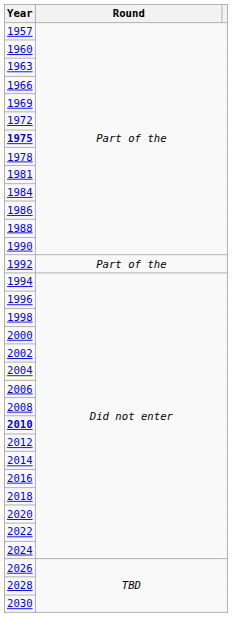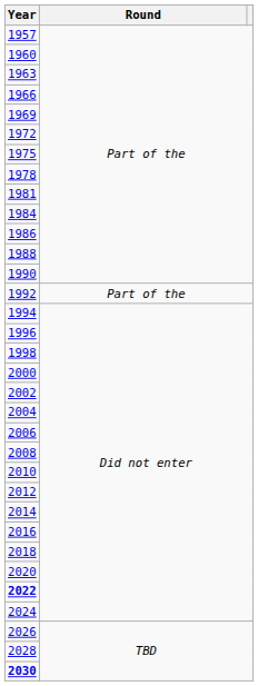 <table class="wikitable" style="text-align: center; font-size:90%">
 <tr>
 <th>Year</th>
 <th style="width:200px">Round</th>
 <th></th>
 </tr>
 <tr>
 <td><a href='#'>1957</a></td>
 <td colspan="2" rowspan="13"><em>Part of the </em></td>
 </tr>
 <tr>
 <td><a href='#'>1960</a></td>
 </tr>
 <tr>
 <td><a href='#'>1963</a></td>
 </tr>
 <tr>
 <td><a href='#'>1966</a></td>
 </tr>
 <tr>
 <td><a href='#'>1969</a></td>
 </tr>
 <tr>
 <td><a href='#'>1972</a></td>
 </tr>
 <tr>
-<td><strong><a href='#'>1975</a></strong></td>
+<td><a href='#'>1975</a></td>
 </tr>
 <tr>
 <td><a href='#'>1978</a></td>
 </tr>
 <tr>
 <td><a href='#'>1981</a></td>
 </tr>
 <tr>
 <td><a href='#'>1984</a></td>
 </tr>
 <tr>
 <td><a href='#'>1986</a></td>
 </tr>
 <tr>
 <td><a href='#'>1988</a></td>
 </tr>
 <tr>
 <td><a href='#'>1990</a></td>
 </tr>
 <tr>
 <td><a href='#'>1992</a></td>
 <td colspan="2"><em>Part of the </em></td>
 </tr>
 <tr>
 <td><a href='#'>1994</a></td>
 <td colspan="2" rowspan="16"><em>Did not enter</em></td>
 </tr>
 <tr>
 <td><a href='#'>1996</a></td>
 </tr>
 <tr>
 <td><a href='#'>1998</a></td>
 </tr>
 <tr>
 <td><a href='#'>2000</a></td>
 </tr>
 <tr>
 <td><a href='#'>2002</a></td>
 </tr>
 <tr>
-<td style="background: lightyellow;"><a href='#'>2004</a></td>
+<td><a href='#'>2004</a></td>
 </tr>
 <tr>
 <td><a href='#'>2006</a></td>
 </tr>
 <tr>
 <td><a href='#'>2008</a></td>
 </tr>
 <tr>
-<td><strong><a href='#'>2010</a></strong></td>
+<td><a href='#'>2010</a></td>
 </tr>
 <tr>
 <td><a href='#'>2012</a></td>
 </tr>
 <tr>
 <td><a href='#'>2014</a></td>
 </tr>
 <tr>
 <td><a href='#'>2016</a></td>
 </tr>
 <tr>
 <td><a href='#'>2018</a></td>
 </tr>
 <tr>
 <td><a href='#'>2020</a></td>
 </tr>
 <tr>
-<td><a href='#'>2022</a></td>
+<td><strong><a href='#'>2022</a></strong></td>
 </tr>
 <tr>
 <td><a href='#'>2024</a></td>
 </tr>
 <tr>
 <td><a href='#'>2026</a></td>
 <td colspan="2" rowspan="3"><em>TBD</em></td>
 </tr>
 <tr>
 <td><a href='#'>2028</a></td>
 </tr>
 <tr>
-<td><a href='#'>2030</a></td>
+<td><strong><a href='#'>2030</a></strong></td>
 </tr>
 </table>
